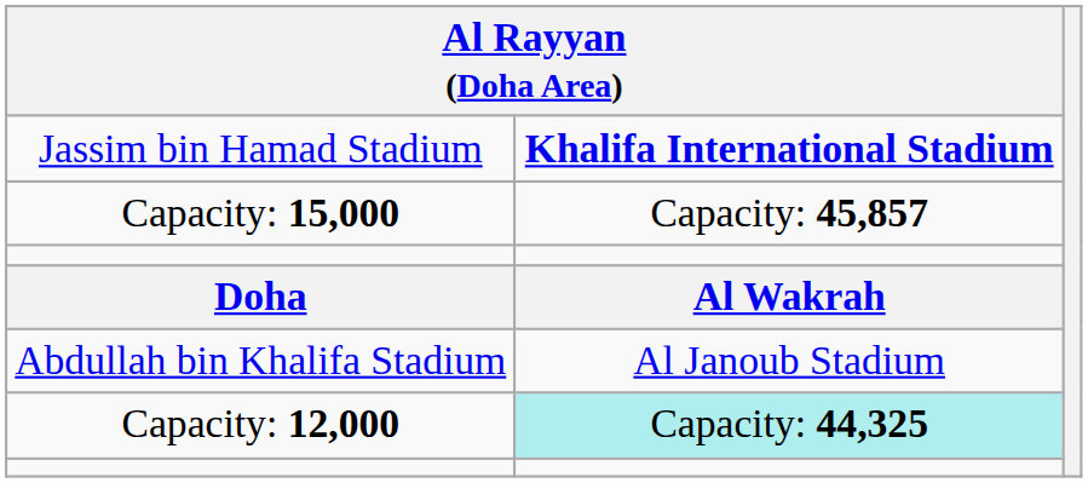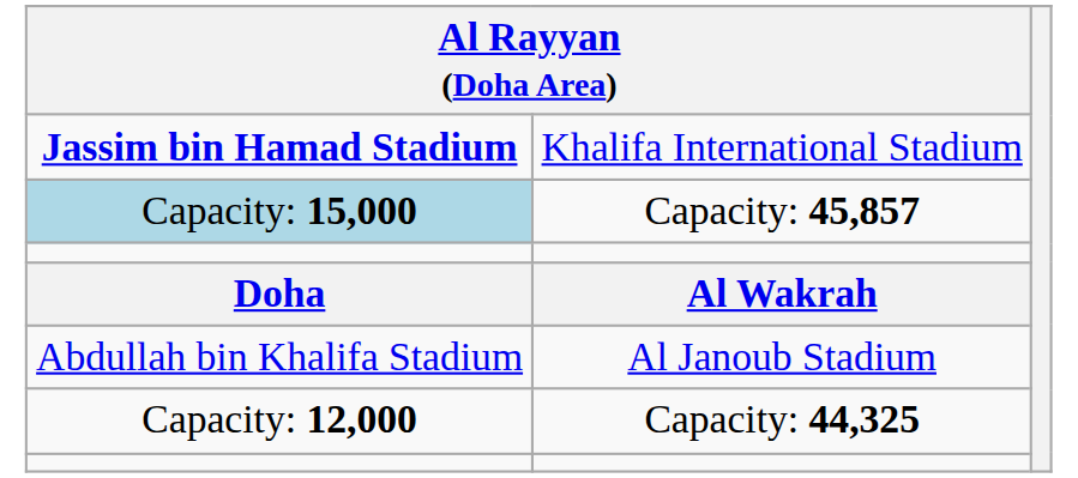 <table class="wikitable" style="text-align:center;margin: 1em auto;">
 <tr>
 <th colspan="2"><a href='#'>Al Rayyan</a><br> <small>(<a href='#'>Doha Area</a>)</small></th>
 <th rowspan="8"></th>
 </tr>
 <tr>
-<td><a href='#'>Jassim bin Hamad Stadium</a></td>
-<td><strong><a href='#'>Khalifa International Stadium</a></strong></td>
+<td><strong><a href='#'>Jassim bin Hamad Stadium</a></strong></td>
+<td><a href='#'>Khalifa International Stadium</a></td>
 </tr>
 <tr>
-<td>Capacity: <strong>15,000</strong></td>
+<td style="background: lightblue;">Capacity: <strong>15,000</strong></td>
 <td>Capacity: <strong>45,857</strong></td>
 </tr>
 <tr>
 <td></td>
 <td></td>
 </tr>
 <tr>
 <th><a href='#'>Doha</a></th>
 <th><a href='#'>Al Wakrah</a></th>
 </tr>
 <tr>
 <td><a href='#'>Abdullah bin Khalifa Stadium</a></td>
 <td><a href='#'>Al Janoub Stadium</a></td>
 </tr>
 <tr>
 <td>Capacity: <strong>12,000</strong></td>
-<td style="background: paleturquoise;">Capacity: <strong>44,325</strong></td>
+<td>Capacity: <strong>44,325</strong></td>
 </tr>
 <tr>
 <td></td>
 <td></td>
 </tr>
 </table>
